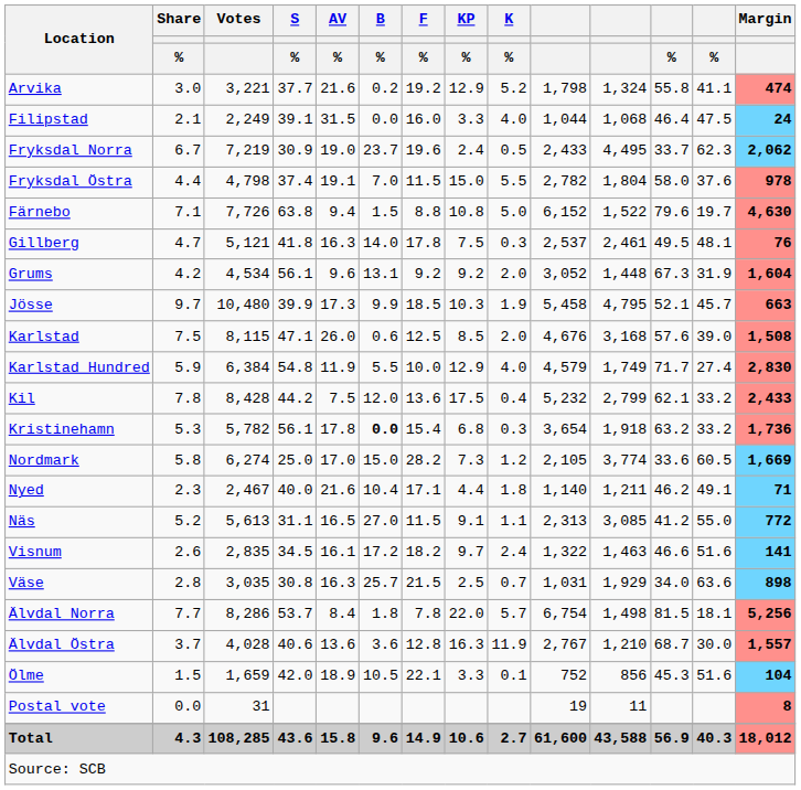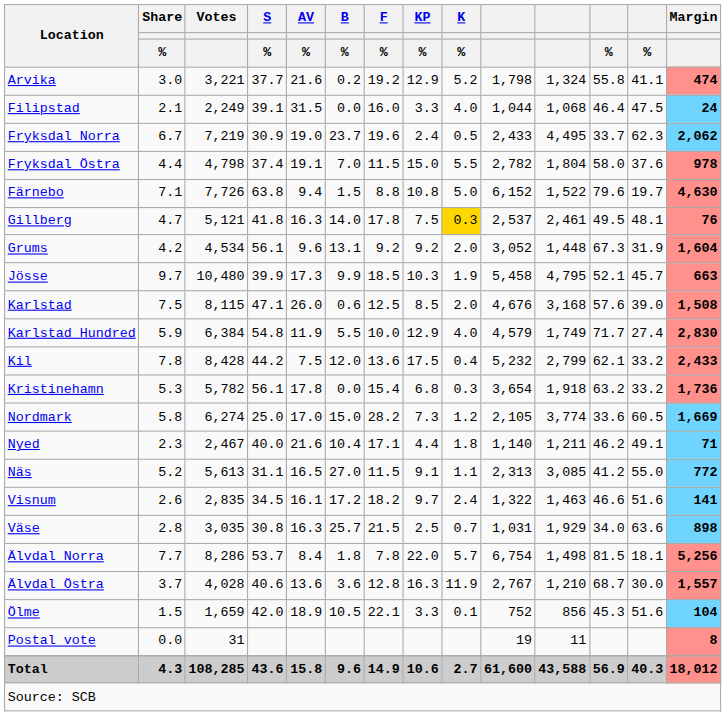 <table class="wikitable sortable" style="text-align:right; font-size:95%; line-height:20px;">
 <tr>
 <th rowspan="3">Location</th>
 <th>Share</th>
 <th>Votes</th>
 <th width="30px" class="unsortable"><a href='#'>S</a></th>
 <th width="30px" class="unsortable"><a href='#'>AV</a></th>
 <th width="30px" class="unsortable"><a href='#'>B</a></th>
 <th width="30px" class="unsortable"><a href='#'>F</a></th>
 <th width="30px" class="unsortable"><a href='#'>KP</a></th>
 <th width="30px" class="unsortable"><a href='#'>K</a></th>
 <th></th>
 <th></th>
 <th></th>
 <th></th>
 <th>Margin</th>
 </tr>
 <tr>
 <th></th>
 <th></th>
 <th style="background:"></th>
 <th style="background:"></th>
 <th style="background:"></th>
 <th style="background:"></th>
 <th style="background:"></th>
 <th style="background:"></th>
 <th style="background:"></th>
 <th style="background:"></th>
 <th style="background:"></th>
 <th style="background:"></th>
 <th></th>
 </tr>
 <tr>
 <th data-sort-type="number">%</th>
 <th></th>
 <th data-sort-type="number">%</th>
 <th data-sort-type="number">%</th>
 <th data-sort-type="number">%</th>
 <th data-sort-type="number">%</th>
 <th data-sort-type="number">%</th>
 <th data-sort-type="number">%</th>
 <th></th>
 <th></th>
 <th data-sort-type="number">%</th>
 <th data-sort-type="number">%</th>
 <th></th>
 </tr>
 <tr>
 <td align=left><a href='#'>Arvika</a></td>
 <td>3.0</td>
 <td>3,221</td>
 <td>37.7</td>
 <td>21.6</td>
 <td>0.2</td>
 <td>19.2</td>
 <td>12.9</td>
 <td>5.2</td>
 <td>1,798</td>
 <td>1,324</td>
 <td>55.8</td>
 <td>41.1</td>
 <td bgcolor=#ff908c><strong>474</strong></td>
 </tr>
 <tr>
 <td align=left><a href='#'>Filipstad</a></td>
 <td>2.1</td>
 <td>2,249</td>
 <td>39.1</td>
 <td>31.5</td>
 <td>0.0</td>
 <td>16.0</td>
 <td>3.3</td>
 <td>4.0</td>
 <td>1,044</td>
 <td>1,068</td>
 <td>46.4</td>
 <td>47.5</td>
 <td bgcolor=#6fd5fe><strong>24</strong></td>
 </tr>
 <tr>
 <td align=left><a href='#'>Fryksdal Norra</a></td>
 <td>6.7</td>
 <td>7,219</td>
 <td>30.9</td>
 <td>19.0</td>
 <td>23.7</td>
 <td>19.6</td>
 <td>2.4</td>
 <td>0.5</td>
 <td>2,433</td>
 <td>4,495</td>
 <td>33.7</td>
 <td>62.3</td>
 <td bgcolor=#6fd5fe><strong>2,062</strong></td>
 </tr>
 <tr>
 <td align=left><a href='#'>Fryksdal Östra</a></td>
 <td>4.4</td>
 <td>4,798</td>
 <td>37.4</td>
 <td>19.1</td>
 <td>7.0</td>
 <td>11.5</td>
 <td>15.0</td>
 <td>5.5</td>
 <td>2,782</td>
 <td>1,804</td>
 <td>58.0</td>
 <td>37.6</td>
 <td bgcolor=#ff908c><strong>978</strong></td>
 </tr>
 <tr>
 <td align=left><a href='#'>Färnebo</a></td>
 <td>7.1</td>
 <td>7,726</td>
 <td>63.8</td>
 <td>9.4</td>
 <td>1.5</td>
 <td>8.8</td>
 <td>10.8</td>
 <td>5.0</td>
 <td>6,152</td>
 <td>1,522</td>
 <td>79.6</td>
 <td>19.7</td>
 <td bgcolor=#ff908c><strong>4,630</strong></td>
 </tr>
 <tr>
 <td align=left><a href='#'>Gillberg</a></td>
 <td>4.7</td>
 <td>5,121</td>
 <td>41.8</td>
 <td>16.3</td>
 <td>14.0</td>
 <td>17.8</td>
 <td>7.5</td>
-<td>0.3</td>
+<td style="background: gold;">0.3</td>
 <td>2,537</td>
 <td>2,461</td>
 <td>49.5</td>
 <td>48.1</td>
 <td bgcolor=#ff908c><strong>76</strong></td>
 </tr>
 <tr>
 <td align=left><a href='#'>Grums</a></td>
 <td>4.2</td>
 <td>4,534</td>
 <td>56.1</td>
 <td>9.6</td>
 <td>13.1</td>
 <td>9.2</td>
 <td>9.2</td>
 <td>2.0</td>
 <td>3,052</td>
 <td>1,448</td>
 <td>67.3</td>
 <td>31.9</td>
 <td bgcolor=#ff908c><strong>1,604</strong></td>
 </tr>
 <tr>
 <td align=left><a href='#'>Jösse</a></td>
 <td>9.7</td>
 <td>10,480</td>
 <td>39.9</td>
 <td>17.3</td>
 <td>9.9</td>
 <td>18.5</td>
 <td>10.3</td>
 <td>1.9</td>
 <td>5,458</td>
 <td>4,795</td>
 <td>52.1</td>
 <td>45.7</td>
 <td bgcolor=#ff908c><strong>663</strong></td>
 </tr>
 <tr>
 <td align=left><a href='#'>Karlstad</a></td>
 <td>7.5</td>
 <td>8,115</td>
 <td>47.1</td>
 <td>26.0</td>
 <td>0.6</td>
 <td>12.5</td>
 <td>8.5</td>
 <td>2.0</td>
 <td>4,676</td>
 <td>3,168</td>
 <td>57.6</td>
 <td>39.0</td>
 <td bgcolor=#ff908c><strong>1,508</strong></td>
 </tr>
 <tr>
 <td align=left><a href='#'>Karlstad Hundred</a></td>
 <td>5.9</td>
 <td>6,384</td>
 <td>54.8</td>
 <td>11.9</td>
 <td>5.5</td>
 <td>10.0</td>
 <td>12.9</td>
 <td>4.0</td>
 <td>4,579</td>
 <td>1,749</td>
 <td>71.7</td>
 <td>27.4</td>
 <td bgcolor=#ff908c><strong>2,830</strong></td>
 </tr>
 <tr>
 <td align=left><a href='#'>Kil</a></td>
 <td>7.8</td>
 <td>8,428</td>
 <td>44.2</td>
 <td>7.5</td>
 <td>12.0</td>
 <td>13.6</td>
 <td>17.5</td>
 <td>0.4</td>
 <td>5,232</td>
 <td>2,799</td>
 <td>62.1</td>
 <td>33.2</td>
 <td bgcolor=#ff908c><strong>2,433</strong></td>
 </tr>
 <tr>
 <td align=left><a href='#'>Kristinehamn</a></td>
 <td>5.3</td>
 <td>5,782</td>
 <td>56.1</td>
 <td>17.8</td>
-<td><strong>0.0</strong></td>
+<td>0.0</td>
 <td>15.4</td>
 <td>6.8</td>
 <td>0.3</td>
 <td>3,654</td>
 <td>1,918</td>
 <td>63.2</td>
 <td>33.2</td>
 <td bgcolor=#ff908c><strong>1,736</strong></td>
 </tr>
 <tr>
 <td align=left><a href='#'>Nordmark</a></td>
 <td>5.8</td>
 <td>6,274</td>
 <td>25.0</td>
 <td>17.0</td>
 <td>15.0</td>
 <td>28.2</td>
 <td>7.3</td>
 <td>1.2</td>
 <td>2,105</td>
 <td>3,774</td>
 <td>33.6</td>
 <td>60.5</td>
 <td bgcolor=#6fd5fe><strong>1,669</strong></td>
 </tr>
 <tr>
 <td align=left><a href='#'>Nyed</a></td>
 <td>2.3</td>
 <td>2,467</td>
 <td>40.0</td>
 <td>21.6</td>
 <td>10.4</td>
 <td>17.1</td>
 <td>4.4</td>
 <td>1.8</td>
 <td>1,140</td>
 <td>1,211</td>
 <td>46.2</td>
 <td>49.1</td>
 <td bgcolor=#6fd5fe><strong>71</strong></td>
 </tr>
 <tr>
 <td align=left><a href='#'>Näs</a></td>
 <td>5.2</td>
 <td>5,613</td>
 <td>31.1</td>
 <td>16.5</td>
 <td>27.0</td>
 <td>11.5</td>
 <td>9.1</td>
 <td>1.1</td>
 <td>2,313</td>
 <td>3,085</td>
 <td>41.2</td>
 <td>55.0</td>
 <td bgcolor=#6fd5fe><strong>772</strong></td>
 </tr>
 <tr>
 <td align=left><a href='#'>Visnum</a></td>
 <td>2.6</td>
 <td>2,835</td>
 <td>34.5</td>
 <td>16.1</td>
 <td>17.2</td>
 <td>18.2</td>
 <td>9.7</td>
 <td>2.4</td>
 <td>1,322</td>
 <td>1,463</td>
 <td>46.6</td>
 <td>51.6</td>
 <td bgcolor=#6fd5fe><strong>141</strong></td>
 </tr>
 <tr>
 <td align=left><a href='#'>Väse</a></td>
 <td>2.8</td>
 <td>3,035</td>
 <td>30.8</td>
 <td>16.3</td>
 <td>25.7</td>
 <td>21.5</td>
 <td>2.5</td>
 <td>0.7</td>
 <td>1,031</td>
 <td>1,929</td>
 <td>34.0</td>
 <td>63.6</td>
 <td bgcolor=#6fd5fe><strong>898</strong></td>
 </tr>
 <tr>
 <td align=left><a href='#'>Älvdal Norra</a></td>
 <td>7.7</td>
 <td>8,286</td>
 <td>53.7</td>
 <td>8.4</td>
 <td>1.8</td>
 <td>7.8</td>
 <td>22.0</td>
 <td>5.7</td>
 <td>6,754</td>
 <td>1,498</td>
 <td>81.5</td>
 <td>18.1</td>
 <td bgcolor=#ff908c><strong>5,256</strong></td>
 </tr>
 <tr>
 <td align=left><a href='#'>Älvdal Östra</a></td>
 <td>3.7</td>
 <td>4,028</td>
 <td>40.6</td>
 <td>13.6</td>
 <td>3.6</td>
 <td>12.8</td>
 <td>16.3</td>
 <td>11.9</td>
 <td>2,767</td>
 <td>1,210</td>
 <td>68.7</td>
 <td>30.0</td>
 <td bgcolor=#ff908c><strong>1,557</strong></td>
 </tr>
 <tr>
 <td align=left><a href='#'>Ölme</a></td>
 <td>1.5</td>
 <td>1,659</td>
 <td>42.0</td>
 <td>18.9</td>
 <td>10.5</td>
 <td>22.1</td>
 <td>3.3</td>
 <td>0.1</td>
 <td>752</td>
 <td>856</td>
 <td>45.3</td>
 <td>51.6</td>
 <td bgcolor=#6fd5fe><strong>104</strong></td>
 </tr>
 <tr>
 <td align=left><a href='#'>Postal vote</a></td>
 <td>0.0</td>
 <td>31</td>
 <td></td>
 <td></td>
 <td></td>
 <td></td>
 <td></td>
 <td></td>
 <td>19</td>
 <td>11</td>
 <td></td>
 <td></td>
 <td bgcolor=#ff908c><strong>8</strong></td>
 </tr>
 <tr>
 </tr>
 <tr style="background:#CDCDCD;">
 <td align=left><strong>Total</strong></td>
 <td><strong>4.3</strong></td>
 <td><strong>108,285</strong></td>
 <td><strong>43.6</strong></td>
 <td><strong>15.8</strong></td>
 <td><strong>9.6</strong></td>
 <td><strong>14.9</strong></td>
 <td><strong>10.6</strong></td>
 <td><strong>2.7</strong></td>
 <td><strong>61,600</strong></td>
 <td><strong>43,588</strong></td>
 <td><strong>56.9</strong></td>
 <td><strong>40.3</strong></td>
 <td bgcolor=#ff908c><strong>18,012</strong></td>
 </tr>
 <tr>
 <td align=left colspan=14>Source: SCB </td>
 </tr>
 </table>
